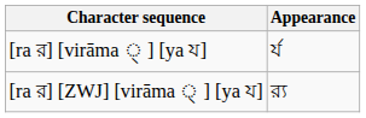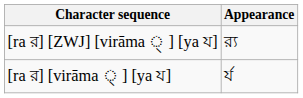 <table class="wikitable">
 <tr>
 <th>Character sequence</th>
 <th>Appearance</th>
 </tr>
 <tr>
+<td><big>[ra র] [ZWJ] [virāma ্ ] [ya য]</big></td>
+<td><big>র‍্য</big></td>
+</tr>
+<tr>
 <td><big>[ra র] [virāma ্ ] [ya য]</big></td>
 <td><big>র্য</big></td>
 </tr>
-<tr>
-<td><big>[ra র] [ZWJ] [virāma ্ ] [ya য]</big></td>
-<td><big>র‍্য</big></td>
-</tr>
 </table>
